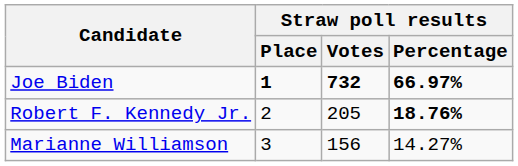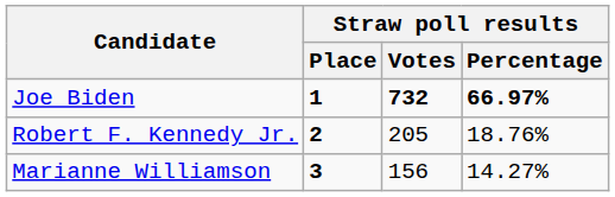 <table class="wikitable plainrowheaders sortable" style="margin:auto;">
 <tr>
 <th rowspan=2>Candidate</th>
 <th colspan=3>Straw poll results</th>
 </tr>
 <tr>
 <th>Place</th>
 <th>Votes</th>
 <th>Percentage</th>
 </tr>
 <tr>
 <td><a href='#'>Joe Biden</a></td>
 <td><strong>1</strong></td>
 <td><strong>732</strong></td>
 <td><strong>66.97%</strong></td>
 </tr>
 <tr>
 <td><a href='#'>Robert F. Kennedy Jr.</a></td>
-<td>2</td>
+<td><strong>2</strong></td>
 <td>205</td>
-<td><strong>18.76%</strong></td>
+<td>18.76%</td>
 </tr>
 <tr>
 <td><a href='#'>Marianne Williamson</a></td>
-<td>3</td>
+<td><strong>3</strong></td>
 <td>156</td>
 <td>14.27%</td>
 </tr>
 </table>
